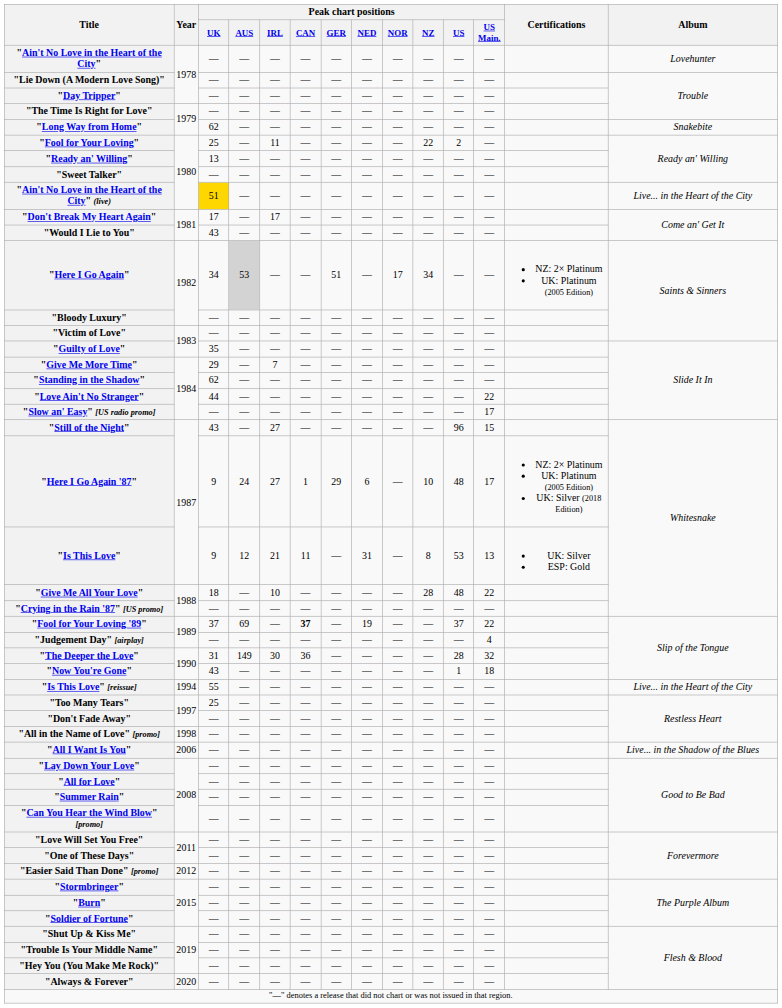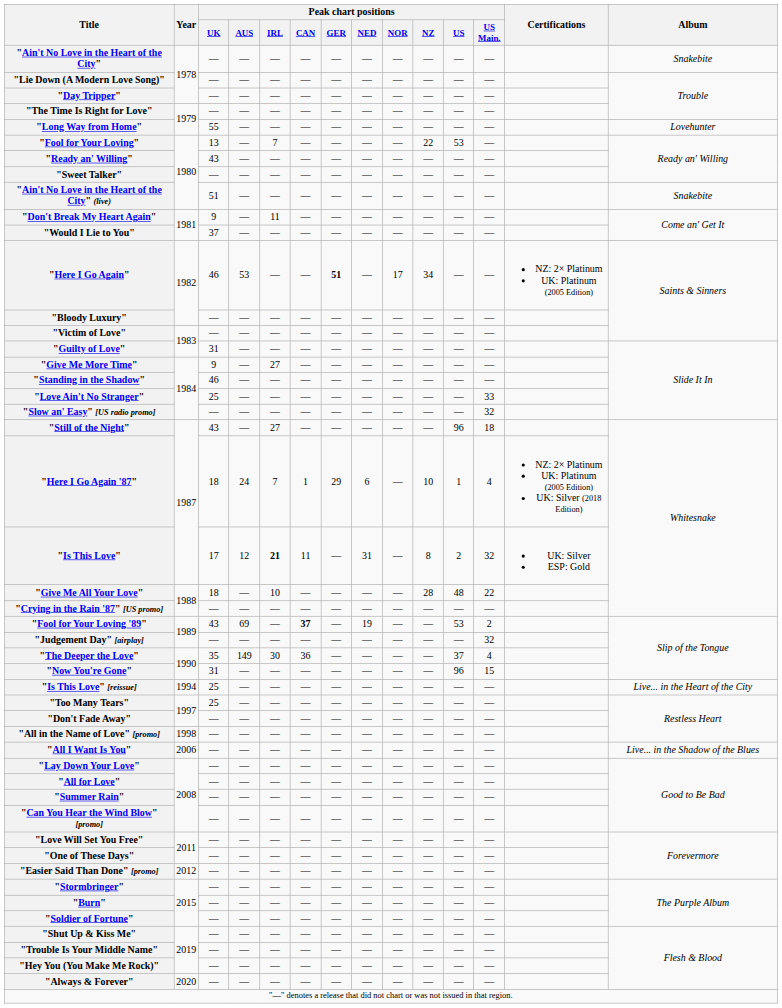 <table class="wikitable plainrowheaders" style="text-align:center;">
 <tr>
 <th scope="col" rowspan="2" style="width:17em;">Title</th>
 <th scope="col" rowspan="2">Year</th>
 <th scope="col" colspan="10">Peak chart positions</th>
 <th scope="col" rowspan="2" style="width:10em;">Certifications</th>
 <th scope="col" rowspan="2" style="width:17em;">Album</th>
 </tr>
 <tr>
 <th scope="col" style="width:3em;font-size:90%;"><a href='#'>UK</a><br></th>
 <th scope="col" style="width:3em;font-size:90%;"><a href='#'>AUS</a><br></th>
 <th scope="col" style="width:3em;font-size:90%;"><a href='#'>IRL</a><br></th>
 <th scope="col" style="width:3em;font-size:90%;"><a href='#'>CAN</a><br></th>
 <th scope="col" style="width:3em;font-size:90%;"><a href='#'>GER</a><br></th>
 <th scope="col" style="width:3em;font-size:90%;"><a href='#'>NED</a><br></th>
 <th scope="col" style="width:3em;font-size:90%;"><a href='#'>NOR</a><br></th>
 <th scope="col" style="width:3em;font-size:90%;"><a href='#'>NZ</a><br></th>
 <th scope="col" style="width:3em;font-size:90%;"><a href='#'>US</a><br></th>
 <th scope="col" style="width:3em;font-size:90%;"><a href='#'>US<br>Main.</a><br></th>
 </tr>
 <tr>
 <th scope="row">"<a href='#'>Ain't No Love in the Heart of the City</a>" </th>
 <td rowspan="3">1978</td>
 <td>—</td>
 <td>—</td>
 <td>—</td>
 <td>—</td>
 <td>—</td>
 <td>—</td>
 <td>—</td>
 <td>—</td>
 <td>—</td>
 <td>—</td>
 <td></td>
-<td><em>Lovehunter</em></td>
+<td rowspan="1"><em>Snakebite</em></td>
 </tr>
 <tr>
 <th scope="row">"Lie Down (A Modern Love Song)"</th>
 <td>—</td>
 <td>—</td>
 <td>—</td>
 <td>—</td>
 <td>—</td>
 <td>—</td>
 <td>—</td>
 <td>—</td>
 <td>—</td>
 <td>—</td>
 <td></td>
 <td rowspan="3"><em>Trouble</em></td>
 </tr>
 <tr>
 <th scope="row">"<a href='#'>Day Tripper</a>" </th>
 <td>—</td>
 <td>—</td>
 <td>—</td>
 <td>—</td>
 <td>—</td>
 <td>—</td>
 <td>—</td>
 <td>—</td>
 <td>—</td>
 <td>—</td>
 <td></td>
 </tr>
 <tr>
 <th scope="row">"The Time Is Right for Love"</th>
 <td rowspan="2">1979</td>
 <td>—</td>
 <td>—</td>
 <td>—</td>
 <td>—</td>
 <td>—</td>
 <td>—</td>
 <td>—</td>
 <td>—</td>
 <td>—</td>
 <td>—</td>
 <td></td>
 </tr>
 <tr>
 <th scope="row">"<a href='#'>Long Way from Home</a>"</th>
-<td>62</td>
+<td>55</td>
 <td>—</td>
 <td>—</td>
 <td>—</td>
 <td>—</td>
 <td>—</td>
 <td>—</td>
 <td>—</td>
 <td>—</td>
 <td>—</td>
 <td></td>
-<td rowspan="1"><em>Snakebite</em></td>
+<td><em>Lovehunter</em></td>
 </tr>
 <tr>
 <th scope="row">"<a href='#'>Fool for Your Loving</a>"</th>
 <td rowspan="4">1980</td>
-<td>25</td>
+<td>13</td>
 <td>—</td>
-<td>11</td>
+<td>7</td>
 <td>—</td>
 <td>—</td>
 <td>—</td>
 <td>—</td>
 <td>22</td>
-<td>2</td>
+<td>53</td>
 <td>—</td>
 <td></td>
 <td rowspan="3"><em>Ready an' Willing</em></td>
 </tr>
 <tr>
 <th scope="row">"<a href='#'>Ready an' Willing</a>" </th>
-<td>13</td>
+<td>43</td>
 <td>—</td>
 <td>—</td>
 <td>—</td>
 <td>—</td>
 <td>—</td>
 <td>—</td>
 <td>—</td>
 <td>—</td>
 <td>—</td>
 <td></td>
 </tr>
 <tr>
 <th scope="row">"Sweet Talker" </th>
 <td>—</td>
 <td>—</td>
 <td>—</td>
 <td>—</td>
 <td>—</td>
 <td>—</td>
 <td>—</td>
 <td>—</td>
 <td>—</td>
 <td>—</td>
 <td></td>
 </tr>
 <tr>
 <th scope="row">"<a href='#'>Ain't No Love in the Heart of the City</a>" <small><em>(live)</em></small></th>
-<td style="background: gold;">51</td>
+<td>51</td>
 <td>—</td>
 <td>—</td>
 <td>—</td>
 <td>—</td>
 <td>—</td>
 <td>—</td>
 <td>—</td>
 <td>—</td>
 <td>—</td>
 <td></td>
-<td><em>Live... in the Heart of the City</em></td>
+<td rowspan="1"><em>Snakebite</em></td>
 </tr>
 <tr>
 <th scope="row">"<a href='#'>Don't Break My Heart Again</a>"</th>
 <td rowspan="2">1981</td>
-<td>17</td>
+<td>9</td>
 <td>—</td>
-<td>17</td>
+<td>11</td>
 <td>—</td>
 <td>—</td>
 <td>—</td>
 <td>—</td>
 <td>—</td>
 <td>—</td>
 <td>—</td>
 <td></td>
 <td rowspan="2"><em>Come an' Get It</em></td>
 </tr>
 <tr>
 <th scope="row">"Would I Lie to You"</th>
-<td>43</td>
+<td>37</td>
 <td>—</td>
 <td>—</td>
 <td>—</td>
 <td>—</td>
 <td>—</td>
 <td>—</td>
 <td>—</td>
 <td>—</td>
 <td>—</td>
 <td></td>
 </tr>
 <tr>
 <th scope="row">"<a href='#'>Here I Go Again</a>"</th>
 <td rowspan="2">1982</td>
-<td>34</td>
-<td style="background: lightgrey;">53</td>
+<td>46</td>
+<td>53</td>
 <td>—</td>
 <td>—</td>
-<td>51</td>
+<td><strong>51</strong></td>
 <td>—</td>
 <td>17</td>
 <td>34</td>
 <td>—</td>
 <td>—</td>
 <td><br><ul><li>NZ: 2× Platinum</li><li>UK: Platinum <small>(2005 Edition)</small></li></ul></td>
 <td rowspan="3"><em>Saints & Sinners</em></td>
 </tr>
 <tr>
 <th scope="row">"Bloody Luxury" </th>
 <td>—</td>
 <td>—</td>
 <td>—</td>
 <td>—</td>
 <td>—</td>
 <td>—</td>
 <td>—</td>
 <td>—</td>
 <td>—</td>
 <td>—</td>
 <td></td>
 </tr>
 <tr>
 <th scope="row">"Victim of Love" </th>
 <td rowspan="2">1983</td>
 <td>—</td>
 <td>—</td>
 <td>—</td>
 <td>—</td>
 <td>—</td>
 <td>—</td>
 <td>—</td>
 <td>—</td>
 <td>—</td>
 <td>—</td>
 <td></td>
 </tr>
 <tr>
 <th scope="row">"<a href='#'>Guilty of Love</a>"</th>
-<td>35</td>
+<td>31</td>
 <td>—</td>
 <td>—</td>
 <td>—</td>
 <td>—</td>
 <td>—</td>
 <td>—</td>
 <td>—</td>
 <td>—</td>
 <td>—</td>
 <td></td>
 <td rowspan="5”"><em>Slide It In</em></td>
 </tr>
 <tr>
 <th scope="row">"<a href='#'>Give Me More Time</a>"</th>
 <td rowspan="4”">1984</td>
-<td>29</td>
+<td>9</td>
 <td>—</td>
-<td>7</td>
+<td>27</td>
 <td>—</td>
 <td>—</td>
 <td>—</td>
 <td>—</td>
 <td>—</td>
 <td>—</td>
 <td>—</td>
 <td></td>
 </tr>
 <tr>
 <th scope="row">"<a href='#'>Standing in the Shadow</a>"</th>
-<td>62</td>
+<td>46</td>
 <td>—</td>
 <td>—</td>
 <td>—</td>
 <td>—</td>
 <td>—</td>
 <td>—</td>
 <td>—</td>
 <td>—</td>
 <td>—</td>
 <td></td>
 </tr>
 <tr>
 <th scope="row">"<a href='#'>Love Ain't No Stranger</a>"</th>
-<td>44</td>
+<td>25</td>
 <td>—</td>
 <td>—</td>
 <td>—</td>
 <td>—</td>
 <td>—</td>
 <td>—</td>
 <td>—</td>
 <td>—</td>
-<td>22</td>
+<td>33</td>
 <td></td>
 </tr>
 <tr>
 <th scope="row">"<a href='#'>Slow an' Easy</a>" <em><small>[US radio promo]</small></em></th>
 <td>—</td>
 <td>—</td>
 <td>—</td>
 <td>—</td>
 <td>—</td>
 <td>—</td>
 <td>—</td>
 <td>—</td>
 <td>—</td>
-<td>17</td>
+<td>32</td>
 <td></td>
 </tr>
 <tr>
 <th scope="row">"<a href='#'>Still of the Night</a>"</th>
 <td rowspan="3">1987</td>
 <td>43</td>
 <td>—</td>
 <td>27</td>
 <td>—</td>
 <td>—</td>
 <td>—</td>
 <td>—</td>
 <td>—</td>
 <td>96</td>
-<td>15</td>
+<td>18</td>
 <td></td>
 <td rowspan="5"><em>Whitesnake</em></td>
 </tr>
 <tr>
 <th scope="row">"<a href='#'>Here I Go Again '87</a>"</th>
-<td>9</td>
+<td>18</td>
 <td>24</td>
-<td>27</td>
+<td>7</td>
 <td>1</td>
 <td>29</td>
 <td>6</td>
 <td>—</td>
 <td>10</td>
-<td>48</td>
-<td>17</td>
+<td>1</td>
+<td>4</td>
 <td><br><ul><li>NZ: 2× Platinum</li><li>UK: Platinum <small>(2005 Edition)</small></li><li>UK: Silver <small>(2018 Edition)</small></li></ul></td>
 </tr>
 <tr>
 <th scope="row">"<a href='#'>Is This Love</a>"</th>
-<td>9</td>
+<td>17</td>
 <td>12</td>
-<td>21</td>
+<td><strong>21</strong></td>
 <td>11</td>
 <td>—</td>
 <td>31</td>
 <td>—</td>
 <td>8</td>
-<td>53</td>
-<td>13</td>
+<td>2</td>
+<td>32</td>
 <td><br><ul><li>UK: Silver</li><li>ESP: Gold</li></ul></td>
 </tr>
 <tr>
 <th scope="row">"<a href='#'>Give Me All Your Love</a>"</th>
 <td rowspan="2">1988</td>
 <td>18</td>
 <td>—</td>
 <td>10</td>
 <td>—</td>
 <td>—</td>
 <td>—</td>
 <td>—</td>
 <td>28</td>
 <td>48</td>
 <td>22</td>
 <td></td>
 </tr>
 <tr>
 <th scope="row">"<a href='#'>Crying in the Rain '87</a>" <em><small>[US promo]</small></em></th>
 <td>—</td>
 <td>—</td>
 <td>—</td>
 <td>—</td>
 <td>—</td>
 <td>—</td>
 <td>—</td>
 <td>—</td>
 <td>—</td>
 <td>—</td>
 <td></td>
 </tr>
 <tr>
 <th scope="row">"<a href='#'>Fool for Your Loving '89</a>"</th>
 <td rowspan="2">1989</td>
-<td>37</td>
+<td>43</td>
 <td>69</td>
 <td>—</td>
 <td><strong>37</strong></td>
 <td>—</td>
 <td>19</td>
 <td>—</td>
 <td>—</td>
-<td>37</td>
-<td>22</td>
+<td>53</td>
+<td>2</td>
 <td></td>
 <td rowspan="4"><em>Slip of the Tongue</em></td>
 </tr>
 <tr>
 <th scope="row">"Judgement Day" <em><small>[airplay]</small></em></th>
 <td>—</td>
 <td>—</td>
 <td>—</td>
 <td>—</td>
 <td>—</td>
 <td>—</td>
 <td>—</td>
 <td>—</td>
 <td>—</td>
-<td>4</td>
+<td>32</td>
 <td></td>
 </tr>
 <tr>
 <th scope="row">"<a href='#'>The Deeper the Love</a>"</th>
 <td rowspan="2">1990</td>
-<td>31</td>
+<td>35</td>
 <td>149</td>
 <td>30</td>
 <td>36</td>
 <td>—</td>
 <td>—</td>
 <td>—</td>
 <td>—</td>
-<td>28</td>
-<td>32</td>
+<td>37</td>
+<td>4</td>
 <td></td>
 </tr>
 <tr>
 <th scope="row">"<a href='#'>Now You're Gone</a>"</th>
-<td>43</td>
+<td>31</td>
 <td>—</td>
 <td>—</td>
 <td>—</td>
 <td>—</td>
 <td>—</td>
 <td>—</td>
 <td>—</td>
-<td>1</td>
-<td>18</td>
+<td>96</td>
+<td>15</td>
 <td></td>
 </tr>
 <tr>
 <th scope="row">"<a href='#'>Is This Love</a>" <small><em>[reissue]</em></small> </th>
 <td>1994</td>
-<td>55</td>
+<td>25</td>
 <td>—</td>
 <td>—</td>
 <td>—</td>
 <td>—</td>
 <td>—</td>
 <td>—</td>
 <td>—</td>
 <td>—</td>
 <td>—</td>
 <td></td>
 <td><em>Live... in the Heart of the City</em></td>
 </tr>
 <tr>
 <th scope="row">"Too Many Tears" </th>
 <td rowspan="2">1997</td>
 <td>25</td>
 <td>—</td>
 <td>—</td>
 <td>—</td>
 <td>—</td>
 <td>—</td>
 <td>—</td>
 <td>—</td>
 <td>—</td>
 <td>—</td>
 <td></td>
 <td rowspan="3"><em>Restless Heart</em></td>
 </tr>
 <tr>
 <th scope="row">"Don't Fade Away" </th>
 <td>—</td>
 <td>—</td>
 <td>—</td>
 <td>—</td>
 <td>—</td>
 <td>—</td>
 <td>—</td>
 <td>—</td>
 <td>—</td>
 <td>—</td>
 <td></td>
 </tr>
 <tr>
 <th scope="row">"All in the Name of Love" <em><small>[promo]</small></em></th>
 <td>1998</td>
 <td>—</td>
 <td>—</td>
 <td>—</td>
 <td>—</td>
 <td>—</td>
 <td>—</td>
 <td>—</td>
 <td>—</td>
 <td>—</td>
 <td>—</td>
 <td></td>
 </tr>
 <tr>
 <th scope="row">"<a href='#'>All I Want Is You</a>"</th>
 <td>2006</td>
 <td>—</td>
 <td>—</td>
 <td>—</td>
 <td>—</td>
 <td>—</td>
 <td>—</td>
 <td>—</td>
 <td>—</td>
 <td>—</td>
 <td>—</td>
 <td></td>
 <td><em>Live... in the Shadow of the Blues</em></td>
 </tr>
 <tr>
 <th scope="row">"<a href='#'>Lay Down Your Love</a>"</th>
 <td rowspan="4">2008</td>
 <td>—</td>
 <td>—</td>
 <td>—</td>
 <td>—</td>
 <td>—</td>
 <td>—</td>
 <td>—</td>
 <td>—</td>
 <td>—</td>
 <td>—</td>
 <td></td>
 <td rowspan="4"><em>Good to Be Bad</em></td>
 </tr>
 <tr>
 <th scope="row">"<a href='#'>All for Love</a>"</th>
 <td>—</td>
 <td>—</td>
 <td>—</td>
 <td>—</td>
 <td>—</td>
 <td>—</td>
 <td>—</td>
 <td>—</td>
 <td>—</td>
 <td>—</td>
 <td></td>
 </tr>
 <tr>
 <th scope="row">"<a href='#'>Summer Rain</a>"</th>
 <td>—</td>
 <td>—</td>
 <td>—</td>
 <td>—</td>
 <td>—</td>
 <td>—</td>
 <td>—</td>
 <td>—</td>
 <td>—</td>
 <td>—</td>
 <td></td>
 </tr>
 <tr>
 <th scope="row">"<a href='#'>Can You Hear the Wind Blow</a>" <em><small>[promo]</small></em></th>
 <td>—</td>
 <td>—</td>
 <td>—</td>
 <td>—</td>
 <td>—</td>
 <td>—</td>
 <td>—</td>
 <td>—</td>
 <td>—</td>
 <td>—</td>
 <td></td>
 </tr>
 <tr>
 <th scope="row">"Love Will Set You Free"</th>
 <td rowspan="2">2011</td>
 <td>—</td>
 <td>—</td>
 <td>—</td>
 <td>—</td>
 <td>—</td>
 <td>—</td>
 <td>—</td>
 <td>—</td>
 <td>—</td>
 <td>—</td>
 <td></td>
 <td rowspan="3"><em>Forevermore</em></td>
 </tr>
 <tr>
 <th scope="row">"One of These Days"</th>
 <td>—</td>
 <td>—</td>
 <td>—</td>
 <td>—</td>
 <td>—</td>
 <td>—</td>
 <td>—</td>
 <td>—</td>
 <td>—</td>
 <td>—</td>
 <td></td>
 </tr>
 <tr>
 <th scope="row">"Easier Said Than Done" <em><small>[promo]</small></em></th>
 <td>2012</td>
 <td>—</td>
 <td>—</td>
 <td>—</td>
 <td>—</td>
 <td>—</td>
 <td>—</td>
 <td>—</td>
 <td>—</td>
 <td>—</td>
 <td>—</td>
 <td></td>
 </tr>
 <tr>
 <th scope="row">"<a href='#'>Stormbringer</a>"</th>
 <td rowspan="3">2015</td>
 <td>—</td>
 <td>—</td>
 <td>—</td>
 <td>—</td>
 <td>—</td>
 <td>—</td>
 <td>—</td>
 <td>—</td>
 <td>—</td>
 <td>—</td>
 <td></td>
 <td rowspan="3"><em>The Purple Album</em></td>
 </tr>
 <tr>
 <th scope="row">"<a href='#'>Burn</a>"</th>
 <td>—</td>
 <td>—</td>
 <td>—</td>
 <td>—</td>
 <td>—</td>
 <td>—</td>
 <td>—</td>
 <td>—</td>
 <td>—</td>
 <td>—</td>
 <td></td>
 </tr>
 <tr>
 <th scope="row">"<a href='#'>Soldier of Fortune</a>"</th>
 <td>—</td>
 <td>—</td>
 <td>—</td>
 <td>—</td>
 <td>—</td>
 <td>—</td>
 <td>—</td>
 <td>—</td>
 <td>—</td>
 <td>—</td>
 <td></td>
 </tr>
 <tr>
 <th scope="row">"Shut Up & Kiss Me"</th>
 <td rowspan="3">2019</td>
 <td>—</td>
 <td>—</td>
 <td>—</td>
 <td>—</td>
 <td>—</td>
 <td>—</td>
 <td>—</td>
 <td>—</td>
 <td>—</td>
 <td>—</td>
 <td></td>
 <td rowspan="4"><em>Flesh & Blood</em></td>
 </tr>
 <tr>
 <th scope="row">"Trouble Is Your Middle Name"</th>
 <td>—</td>
 <td>—</td>
 <td>—</td>
 <td>—</td>
 <td>—</td>
 <td>—</td>
 <td>—</td>
 <td>—</td>
 <td>—</td>
 <td>—</td>
 <td></td>
 </tr>
 <tr>
 <th scope="row">"Hey You (You Make Me Rock)"</th>
 <td>—</td>
 <td>—</td>
 <td>—</td>
 <td>—</td>
 <td>—</td>
 <td>—</td>
 <td>—</td>
 <td>—</td>
 <td>—</td>
 <td>—</td>
 <td></td>
 </tr>
 <tr>
 <th scope="row">"Always & Forever"</th>
 <td rowspan="1">2020</td>
 <td>—</td>
 <td>—</td>
 <td>—</td>
 <td>—</td>
 <td>—</td>
 <td>—</td>
 <td>—</td>
 <td>—</td>
 <td>—</td>
 <td>—</td>
 <td></td>
 </tr>
 <tr>
 <td align="center" colspan="14" style="font-size: 85%">"—" denotes a release that did not chart or was not issued in that region.</td>
 </tr>
 </table>
